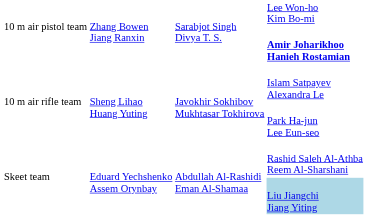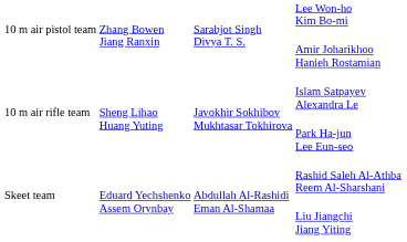 <table>
 <tr>
 <td rowspan=2>10 m air pistol team<br></td>
 <td rowspan=2><br><a href='#'>Zhang Bowen</a><br><a href='#'>Jiang Ranxin</a></td>
 <td rowspan=2><br><a href='#'>Sarabjot Singh</a><br><a href='#'>Divya T. S.</a></td>
 <td><br><a href='#'>Lee Won-ho</a><br><a href='#'>Kim Bo-mi</a></td>
 </tr>
 <tr>
-<td><strong><br><a href='#'>Amir Joharikhoo</a><br><a href='#'>Hanieh Rostamian</a></strong></td>
+<td><br><a href='#'>Amir Joharikhoo</a><br><a href='#'>Hanieh Rostamian</a></td>
 </tr>
 <tr>
 <td rowspan=2>10 m air rifle team<br></td>
 <td rowspan=2><br><a href='#'>Sheng Lihao</a><br><a href='#'>Huang Yuting</a></td>
 <td rowspan=2><br><a href='#'>Javokhir Sokhibov</a><br><a href='#'>Mukhtasar Tokhirova</a></td>
 <td><br><a href='#'>Islam Satpayev</a><br><a href='#'>Alexandra Le</a></td>
 </tr>
 <tr>
 <td><br><a href='#'>Park Ha-jun</a><br><a href='#'>Lee Eun-seo</a></td>
 </tr>
 <tr>
 <td rowspan=2>Skeet team<br></td>
 <td rowspan=2><br><a href='#'>Eduard Yechshenko</a><br><a href='#'>Assem Orynbay</a></td>
 <td rowspan=2><br><a href='#'>Abdullah Al-Rashidi</a><br><a href='#'>Eman Al-Shamaa</a></td>
 <td><br><a href='#'>Rashid Saleh Al-Athba</a><br><a href='#'>Reem Al-Sharshani</a></td>
 </tr>
 <tr>
-<td style="background: lightblue;"><br><a href='#'>Liu Jiangchi</a><br><a href='#'>Jiang Yiting</a></td>
+<td><br><a href='#'>Liu Jiangchi</a><br><a href='#'>Jiang Yiting</a></td>
 </tr>
 </table>
